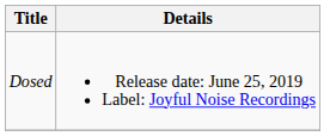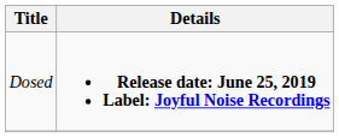 <table class="wikitable" style="text-align:center;">
 <tr>
 <th>Title</th>
 <th>Details</th>
 </tr>
 <tr>
 <td align="left"><em>Dosed</em></td>
-<td><br><ul><li>Release date: June 25, 2019</li><li>Label: <a href='#'>Joyful Noise Recordings</a></li></ul></td>
+<td><strong><br><ul><li>Release date: June 25, 2019</li><li>Label: <a href='#'>Joyful Noise Recordings</a></li></ul></strong></td>
 </tr>
 <tr>
 </tr>
 </table>
